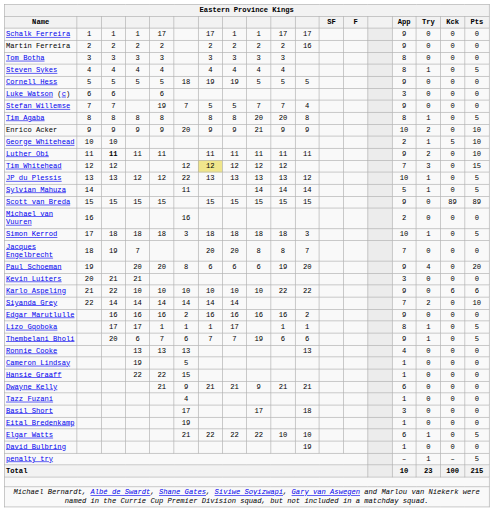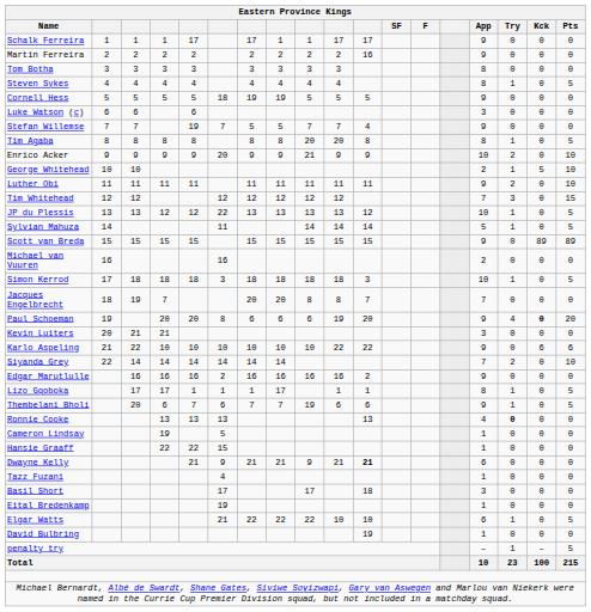 <table class="wikitable sortable" style="text-align:center; font-size:90%; width:90%">
 <tr>
 <th colspan="100%">Eastern Province Kings</th>
 </tr>
 <tr>
 <th style="width:15%;">Name</th>
 <th style="width:5%;"></th>
 <th style="width:5%;"></th>
 <th style="width:5%;"></th>
 <th style="width:5%;"></th>
 <th style="width:5%;"></th>
 <th style="width:5%;"></th>
 <th style="width:5%;"></th>
 <th style="width:5%;"></th>
 <th style="width:5%;"></th>
 <th style="width:5%;"></th>
 <th style="width:5%;">SF</th>
 <th style="width:5%;">F</th>
 <th style="width:5%;"></th>
 <th style="width:5%;">App</th>
 <th style="width:5%;">Try</th>
 <th style="width:5%;">Kck</th>
 <th style="width:5%;">Pts</th>
 </tr>
 <tr>
 <td style="text-align:left;"><a href='#'>Schalk Ferreira</a></td>
 <td>1</td>
 <td>1</td>
 <td>1</td>
 <td>17 </td>
 <td></td>
 <td>17 </td>
 <td>1</td>
 <td>1</td>
 <td>17 </td>
 <td>17 </td>
 <td></td>
 <td></td>
 <td style="background:#ECECEC;"></td>
 <td>9</td>
 <td>0</td>
 <td>0</td>
 <td>0</td>
 </tr>
 <tr>
 <td style="text-align:left;">Martin Ferreira</td>
 <td>2</td>
 <td>2</td>
 <td>2</td>
 <td>2</td>
 <td></td>
 <td>2</td>
 <td>2</td>
 <td>2</td>
 <td>2</td>
 <td>16 </td>
 <td></td>
 <td></td>
 <td style="background:#ECECEC;"></td>
 <td>9</td>
 <td>0</td>
 <td>0</td>
 <td>0</td>
 </tr>
 <tr>
 <td style="text-align:left;"><a href='#'>Tom Botha</a></td>
 <td>3</td>
 <td>3</td>
 <td>3</td>
 <td>3</td>
 <td></td>
 <td>3</td>
 <td>3</td>
 <td>3</td>
 <td>3</td>
 <td></td>
 <td></td>
 <td></td>
 <td style="background:#ECECEC;"></td>
 <td>8</td>
 <td>0</td>
 <td>0</td>
 <td>0</td>
 </tr>
 <tr>
 <td style="text-align:left;"><a href='#'>Steven Sykes</a></td>
 <td>4</td>
 <td>4</td>
 <td>4</td>
 <td>4</td>
 <td></td>
 <td>4</td>
 <td>4</td>
 <td>4</td>
 <td>4</td>
 <td></td>
 <td></td>
 <td></td>
 <td style="background:#ECECEC;"></td>
 <td>8</td>
 <td>1</td>
 <td>0</td>
 <td>5</td>
 </tr>
 <tr>
 <td style="text-align:left;"><a href='#'>Cornell Hess</a></td>
 <td>5</td>
 <td>5</td>
 <td>5</td>
 <td>5</td>
 <td>18 </td>
 <td>19</td>
 <td>19 </td>
 <td>5</td>
 <td>5</td>
 <td>5</td>
 <td></td>
 <td></td>
 <td style="background:#ECECEC;"></td>
 <td>9</td>
 <td>0</td>
 <td>0</td>
 <td>0</td>
 </tr>
 <tr>
 <td style="text-align:left;"><a href='#'>Luke Watson</a> (<a href='#'>c</a>)</td>
 <td>6</td>
 <td>6</td>
 <td></td>
 <td>6</td>
 <td></td>
 <td></td>
 <td></td>
 <td></td>
 <td></td>
 <td></td>
 <td></td>
 <td></td>
 <td style="background:#ECECEC;"></td>
 <td>3</td>
 <td>0</td>
 <td>0</td>
 <td>0</td>
 </tr>
 <tr>
 <td style="text-align:left;"><a href='#'>Stefan Willemse</a></td>
 <td>7</td>
 <td>7</td>
 <td></td>
 <td>19 </td>
 <td>7</td>
 <td>5</td>
 <td>5</td>
 <td>7</td>
 <td>7</td>
 <td>4</td>
 <td></td>
 <td></td>
 <td style="background:#ECECEC;"></td>
 <td>9</td>
 <td>0</td>
 <td>0</td>
 <td>0</td>
 </tr>
 <tr>
 <td style="text-align:left;"><a href='#'>Tim Agaba</a></td>
 <td>8</td>
 <td>8</td>
 <td>8</td>
 <td>8</td>
 <td></td>
 <td>8</td>
 <td>8</td>
 <td>20</td>
 <td>20 </td>
 <td>8</td>
 <td></td>
 <td></td>
 <td style="background:#ECECEC;"></td>
 <td>8</td>
 <td>1</td>
 <td>0</td>
 <td>5</td>
 </tr>
 <tr>
 <td style="text-align:left;">Enrico Acker</td>
 <td>9</td>
 <td>9</td>
 <td>9</td>
 <td>9</td>
 <td>20 </td>
 <td>9</td>
 <td>9</td>
 <td>21 </td>
 <td>9</td>
 <td>9</td>
 <td></td>
 <td></td>
 <td style="background:#ECECEC;"></td>
 <td>10</td>
 <td>2</td>
 <td>0</td>
 <td>10</td>
 </tr>
 <tr>
 <td style="text-align:left;"><a href='#'>George Whitehead</a></td>
 <td>10</td>
 <td>10</td>
 <td></td>
 <td></td>
 <td></td>
 <td></td>
 <td></td>
 <td></td>
 <td></td>
 <td></td>
 <td></td>
 <td></td>
 <td style="background:#ECECEC;"></td>
 <td>2</td>
 <td>1</td>
 <td>5</td>
 <td>10</td>
 </tr>
 <tr>
 <td style="text-align:left;"><a href='#'>Luther Obi</a></td>
 <td>11</td>
-<td><strong>11</strong></td>
+<td>11</td>
 <td>11</td>
 <td>11</td>
 <td></td>
 <td>11</td>
 <td>11</td>
 <td>11</td>
 <td>11</td>
 <td>11</td>
 <td></td>
 <td></td>
 <td style="background:#ECECEC;"></td>
 <td>9</td>
 <td>2</td>
 <td>0</td>
 <td>10</td>
 </tr>
 <tr>
 <td style="text-align:left;"><a href='#'>Tim Whitehead</a></td>
 <td>12</td>
 <td>12</td>
 <td></td>
 <td></td>
 <td>12</td>
-<td style="background: khaki;">12</td>
+<td>12</td>
 <td>12</td>
 <td>12</td>
 <td>12</td>
 <td></td>
 <td></td>
 <td></td>
 <td style="background:#ECECEC;"></td>
 <td>7</td>
 <td>3</td>
 <td>0</td>
 <td>15</td>
 </tr>
 <tr>
 <td style="text-align:left;"><a href='#'>JP du Plessis</a></td>
 <td>13</td>
 <td>13</td>
 <td>12</td>
 <td>12</td>
 <td>22 </td>
 <td>13</td>
 <td>13</td>
 <td>13</td>
 <td>13</td>
 <td>12</td>
 <td></td>
 <td></td>
 <td style="background:#ECECEC;"></td>
 <td>10</td>
 <td>1</td>
 <td>0</td>
 <td>5</td>
 </tr>
 <tr>
 <td style="text-align:left;"><a href='#'>Sylvian Mahuza</a></td>
 <td>14</td>
 <td></td>
 <td></td>
 <td></td>
 <td>11</td>
 <td></td>
 <td></td>
 <td>14</td>
 <td>14</td>
 <td>14</td>
 <td></td>
 <td></td>
 <td style="background:#ECECEC;"></td>
 <td>5</td>
 <td>1</td>
 <td>0</td>
 <td>5</td>
 </tr>
 <tr>
 <td style="text-align:left;"><a href='#'>Scott van Breda</a></td>
 <td>15</td>
 <td>15</td>
 <td>15</td>
 <td>15</td>
 <td></td>
 <td>15</td>
 <td>15</td>
 <td>15</td>
 <td>15</td>
 <td>15</td>
 <td></td>
 <td></td>
 <td style="background:#ECECEC;"></td>
 <td>9</td>
 <td>0</td>
 <td>89</td>
 <td>89</td>
 </tr>
 <tr>
 <td style="text-align:left;"><a href='#'>Michael van Vuuren</a></td>
 <td>16 </td>
 <td></td>
 <td></td>
 <td></td>
 <td>16 </td>
 <td></td>
 <td></td>
 <td></td>
 <td></td>
 <td></td>
 <td></td>
 <td></td>
 <td style="background:#ECECEC;"></td>
 <td>2</td>
 <td>0</td>
 <td>0</td>
 <td>0</td>
 </tr>
 <tr>
 <td style="text-align:left;"><a href='#'>Simon Kerrod</a></td>
 <td>17 </td>
 <td>18 </td>
 <td>18 </td>
 <td>18 </td>
 <td>3</td>
 <td>18 </td>
 <td>18 </td>
 <td>18 </td>
 <td>18 </td>
 <td>3</td>
 <td></td>
 <td></td>
 <td style="background:#ECECEC;"></td>
 <td>10</td>
 <td>1</td>
 <td>0</td>
 <td>5</td>
 </tr>
 <tr>
 <td style="text-align:left;"><a href='#'>Jacques Engelbrecht</a></td>
 <td>18 </td>
 <td>19 </td>
 <td>7</td>
 <td></td>
 <td></td>
 <td>20</td>
 <td>20 </td>
 <td>8</td>
 <td>8</td>
 <td>7</td>
 <td></td>
 <td></td>
 <td style="background:#ECECEC;"></td>
 <td>7</td>
 <td>0</td>
 <td>0</td>
 <td>0</td>
 </tr>
 <tr>
 <td style="text-align:left;"><a href='#'>Paul Schoeman</a></td>
 <td>19 </td>
 <td></td>
 <td>20 </td>
 <td>20 </td>
 <td>8</td>
 <td>6</td>
 <td>6</td>
 <td>6</td>
 <td>19 </td>
 <td>20 </td>
 <td></td>
 <td></td>
 <td style="background:#ECECEC;"></td>
 <td>9</td>
 <td>4</td>
-<td>0</td>
+<td><strong>0</strong></td>
 <td>20</td>
 </tr>
 <tr>
 <td style="text-align:left;"><a href='#'>Kevin Luiters</a></td>
 <td>20 </td>
 <td>21 </td>
 <td>21 </td>
 <td></td>
 <td></td>
 <td></td>
 <td></td>
 <td></td>
 <td></td>
 <td></td>
 <td></td>
 <td></td>
 <td style="background:#ECECEC;"></td>
 <td>3</td>
 <td>0</td>
 <td>0</td>
 <td>0</td>
 </tr>
 <tr>
 <td style="text-align:left;"><a href='#'>Karlo Aspeling</a></td>
 <td>21 </td>
 <td>22 </td>
 <td>10</td>
 <td>10</td>
 <td>10</td>
 <td>10</td>
 <td>10</td>
 <td>10</td>
 <td>22 </td>
 <td>22</td>
 <td></td>
 <td></td>
 <td style="background:#ECECEC;"></td>
 <td>9</td>
 <td>0</td>
 <td>6</td>
 <td>6</td>
 </tr>
 <tr>
 <td style="text-align:left;"><a href='#'>Siyanda Grey</a></td>
 <td>22 </td>
 <td>14</td>
 <td>14</td>
 <td>14</td>
 <td>14</td>
 <td>14</td>
 <td>14</td>
 <td></td>
 <td></td>
 <td></td>
 <td></td>
 <td></td>
 <td style="background:#ECECEC;"></td>
 <td>7</td>
 <td>2</td>
 <td>0</td>
 <td>10</td>
 </tr>
 <tr>
 <td style="text-align:left;"><a href='#'>Edgar Marutlulle</a></td>
 <td></td>
 <td>16 </td>
 <td>16 </td>
 <td>16 </td>
 <td>2</td>
 <td>16 </td>
 <td>16 </td>
 <td>16 </td>
 <td>16 </td>
 <td>2</td>
 <td></td>
 <td></td>
 <td style="background:#ECECEC;"></td>
 <td>9</td>
 <td>0</td>
 <td>0</td>
 <td>0</td>
 </tr>
 <tr>
 <td style="text-align:left;"><a href='#'>Lizo Gqoboka</a></td>
 <td></td>
 <td>17 </td>
 <td>17 </td>
 <td>1</td>
 <td>1</td>
 <td>1</td>
 <td>17 </td>
 <td></td>
 <td>1</td>
 <td>1</td>
 <td></td>
 <td></td>
 <td style="background:#ECECEC;"></td>
 <td>8</td>
 <td>1</td>
 <td>0</td>
 <td>5</td>
 </tr>
 <tr>
 <td style="text-align:left;"><a href='#'>Thembelani Bholi</a></td>
 <td></td>
 <td>20 </td>
 <td>6</td>
 <td>7</td>
 <td>6</td>
 <td>7</td>
 <td>7</td>
 <td>19 </td>
 <td>6</td>
 <td>6</td>
 <td></td>
 <td></td>
 <td style="background:#ECECEC;"></td>
 <td>9</td>
 <td>1</td>
 <td>0</td>
 <td>5</td>
 </tr>
 <tr>
 <td style="text-align:left;"><a href='#'>Ronnie Cooke</a></td>
 <td></td>
 <td></td>
 <td>13</td>
 <td>13</td>
 <td>13</td>
 <td></td>
 <td></td>
 <td></td>
 <td></td>
 <td>13</td>
 <td></td>
 <td></td>
 <td style="background:#ECECEC;"></td>
 <td>4</td>
-<td>0</td>
+<td><strong>0</strong></td>
 <td>0</td>
 <td>0</td>
 </tr>
 <tr>
 <td style="text-align:left;"><a href='#'>Cameron Lindsay</a></td>
 <td></td>
 <td></td>
 <td>19</td>
 <td></td>
 <td>5</td>
 <td></td>
 <td></td>
 <td></td>
 <td></td>
 <td></td>
 <td></td>
 <td></td>
 <td style="background:#ECECEC;"></td>
 <td>1</td>
 <td>0</td>
 <td>0</td>
 <td>0</td>
 </tr>
 <tr>
 <td style="text-align:left;"><a href='#'>Hansie Graaff</a></td>
 <td></td>
 <td></td>
 <td>22</td>
 <td>22</td>
 <td>15</td>
 <td></td>
 <td></td>
 <td></td>
 <td></td>
 <td></td>
 <td></td>
 <td></td>
 <td style="background:#ECECEC;"></td>
 <td>1</td>
 <td>0</td>
 <td>0</td>
 <td>0</td>
 </tr>
 <tr>
 <td style="text-align:left;"><a href='#'>Dwayne Kelly</a></td>
 <td></td>
 <td></td>
 <td></td>
 <td>21 </td>
 <td>9</td>
 <td>21</td>
 <td>21 </td>
 <td>9</td>
 <td>21 </td>
-<td>21 </td>
+<td><strong>21 </strong></td>
 <td></td>
 <td></td>
 <td style="background:#ECECEC;"></td>
 <td>6</td>
 <td>0</td>
 <td>0</td>
 <td>0</td>
 </tr>
 <tr>
 <td style="text-align:left;"><a href='#'>Tazz Fuzani</a></td>
 <td></td>
 <td></td>
 <td></td>
 <td></td>
 <td>4</td>
 <td></td>
 <td></td>
 <td></td>
 <td></td>
 <td></td>
 <td></td>
 <td></td>
 <td style="background:#ECECEC;"></td>
 <td>1</td>
 <td>0</td>
 <td>0</td>
 <td>0</td>
 </tr>
 <tr>
 <td style="text-align:left;"><a href='#'>Basil Short</a></td>
 <td></td>
 <td></td>
 <td></td>
 <td></td>
 <td>17 </td>
 <td></td>
 <td></td>
 <td>17 </td>
 <td></td>
 <td>18 </td>
 <td></td>
 <td></td>
 <td style="background:#ECECEC;"></td>
 <td>3</td>
 <td>0</td>
 <td>0</td>
 <td>0</td>
 </tr>
 <tr>
 <td style="text-align:left;"><a href='#'>Eital Bredenkamp</a></td>
 <td></td>
 <td></td>
 <td></td>
 <td></td>
 <td>19 </td>
 <td></td>
 <td></td>
 <td></td>
 <td></td>
 <td></td>
 <td></td>
 <td></td>
 <td style="background:#ECECEC;"></td>
 <td>1</td>
 <td>0</td>
 <td>0</td>
 <td>0</td>
 </tr>
 <tr>
 <td style="text-align:left;"><a href='#'>Elgar Watts</a></td>
 <td></td>
 <td></td>
 <td></td>
 <td></td>
 <td>21 </td>
 <td>22 </td>
 <td>22 </td>
 <td>22 </td>
 <td>10</td>
 <td>10</td>
 <td></td>
 <td></td>
 <td style="background:#ECECEC;"></td>
 <td>6</td>
 <td>1</td>
 <td>0</td>
 <td>5</td>
 </tr>
 <tr>
 <td style="text-align:left;"><a href='#'>David Bulbring</a></td>
 <td></td>
 <td></td>
 <td></td>
 <td></td>
 <td></td>
 <td></td>
 <td></td>
 <td></td>
 <td></td>
 <td>19 </td>
 <td></td>
 <td></td>
 <td style="background:#ECECEC;"></td>
 <td>1</td>
 <td>0</td>
 <td>0</td>
 <td>0</td>
 </tr>
 <tr>
 <td colspan="13" style="text-align:left;"><a href='#'>penalty try</a></td>
 <td style="background:#ECECEC;"></td>
 <td>–</td>
 <td>1</td>
 <td>–</td>
 <td>5</td>
 </tr>
 <tr>
 <th colspan="13" style="text-align:left;">Total</th>
 <th style="background:#ECECEC;"></th>
 <th>10</th>
 <th>23</th>
 <th>100</th>
 <th>215</th>
 </tr>
 <tr>
 <td colspan="100%" style="height: 10px;"></td>
 </tr>
 <tr>
 <td colspan="100%" style="text-align:center;"><em>Michael Bernardt, <a href='#'>Albé de Swardt</a>, <a href='#'>Shane Gates</a>, <a href='#'>Siviwe Soyizwapi</a>, <a href='#'>Gary van Aswegen</a> and Marlou van Niekerk were named in the Currie Cup Premier Division squad, but not included in a matchday squad.</em></td>
 </tr>
 </table>
